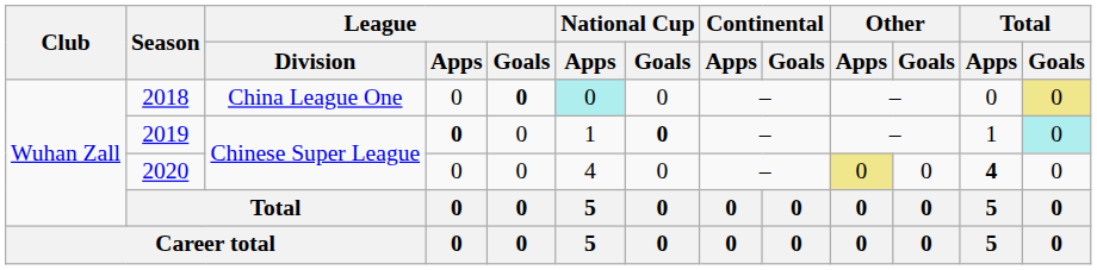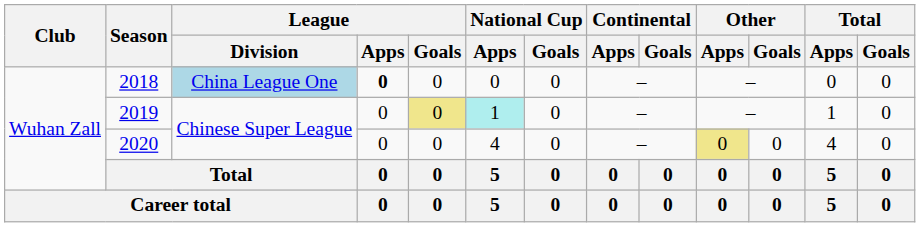 <table class="wikitable" style="text-align: center">
 <tr>
 <th rowspan="2">Club</th>
 <th rowspan="2">Season</th>
 <th colspan="3">League</th>
 <th colspan="2">National Cup</th>
 <th colspan="2">Continental</th>
 <th colspan="2">Other</th>
 <th colspan="2">Total</th>
 </tr>
 <tr>
 <th>Division</th>
 <th>Apps</th>
 <th>Goals</th>
 <th>Apps</th>
 <th>Goals</th>
 <th>Apps</th>
 <th>Goals</th>
 <th>Apps</th>
 <th>Goals</th>
 <th>Apps</th>
 <th>Goals</th>
 </tr>
 <tr>
 <td rowspan=4><a href='#'>Wuhan Zall</a></td>
 <td><a href='#'>2018</a></td>
-<td><a href='#'>China League One</a></td>
+<td style="background: lightblue;"><a href='#'>China League One</a></td>
+<td><strong>0</strong></td>
 <td>0</td>
-<td><strong>0</strong></td>
-<td style="background: paleturquoise;">0</td>
+<td>0</td>
 <td>0</td>
 <td colspan="2">–</td>
 <td colspan="2">–</td>
 <td>0</td>
-<td style="background: khaki;">0</td>
+<td>0</td>
 </tr>
 <tr>
 <td><a href='#'>2019</a></td>
 <td rowspan=2><a href='#'>Chinese Super League</a></td>
-<td><strong>0</strong></td>
 <td>0</td>
-<td>1</td>
-<td><strong>0</strong></td>
+<td style="background: khaki;">0</td>
+<td style="background: paleturquoise;">1</td>
+<td>0</td>
 <td colspan="2">–</td>
 <td colspan="2">–</td>
 <td>1</td>
-<td style="background: paleturquoise;">0</td>
+<td>0</td>
 </tr>
 <tr>
 <td><a href='#'>2020</a></td>
 <td>0</td>
 <td>0</td>
 <td>4</td>
 <td>0</td>
 <td colspan="2">–</td>
 <td style="background: khaki;">0</td>
 <td>0</td>
-<td><strong>4</strong></td>
+<td>4</td>
 <td>0</td>
 </tr>
 <tr>
 <th colspan=2>Total</th>
 <th>0</th>
 <th>0</th>
 <th>5</th>
 <th>0</th>
 <th>0</th>
 <th>0</th>
 <th>0</th>
 <th>0</th>
 <th>5</th>
 <th>0</th>
 </tr>
 <tr>
 <th colspan=3>Career total</th>
 <th>0</th>
 <th>0</th>
 <th>5</th>
 <th>0</th>
 <th>0</th>
 <th>0</th>
 <th>0</th>
 <th>0</th>
 <th>5</th>
 <th>0</th>
 </tr>
 </table>
